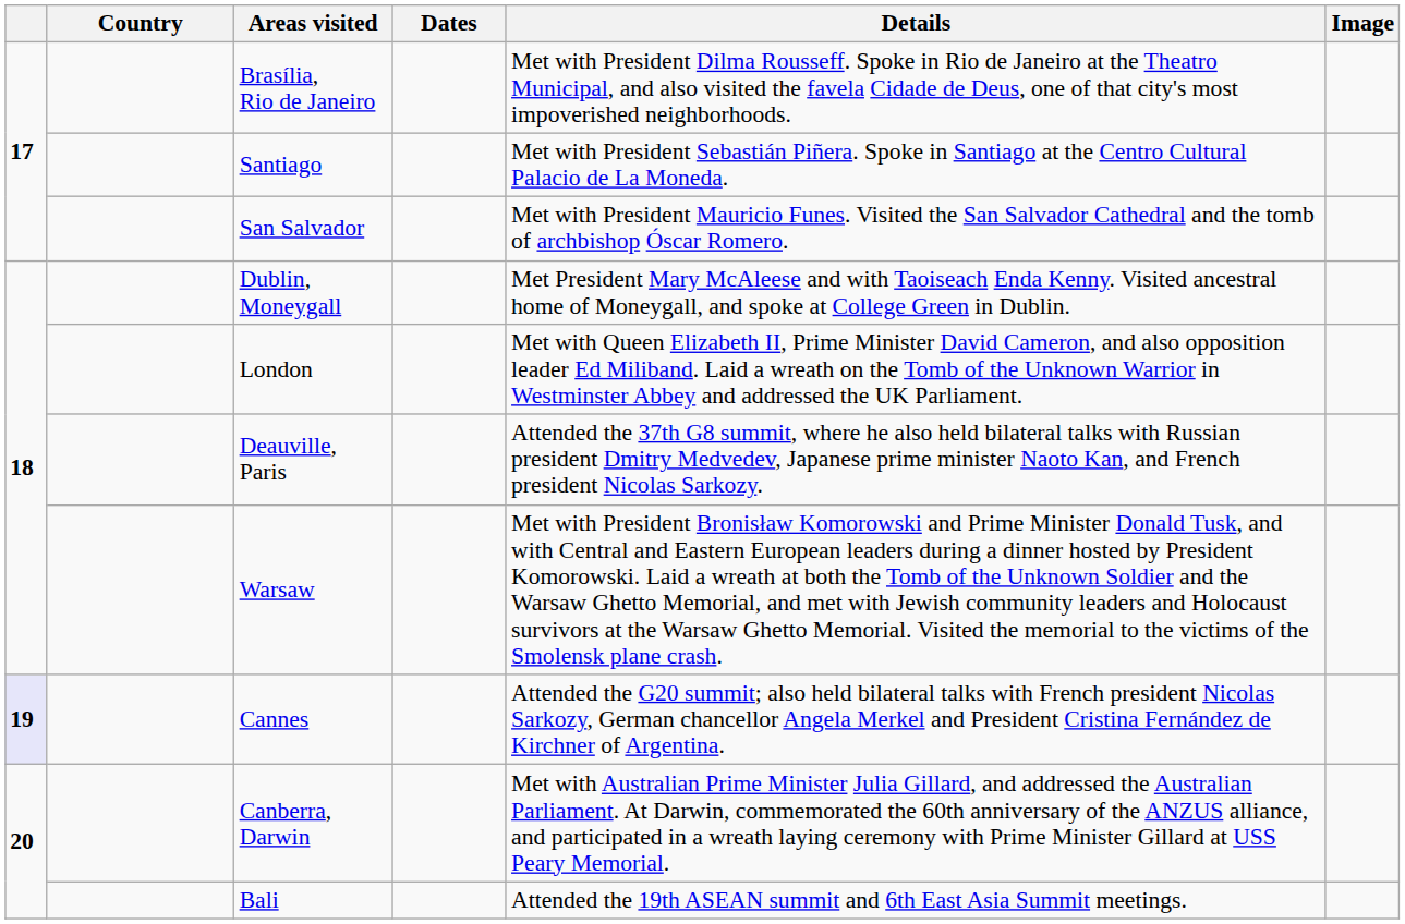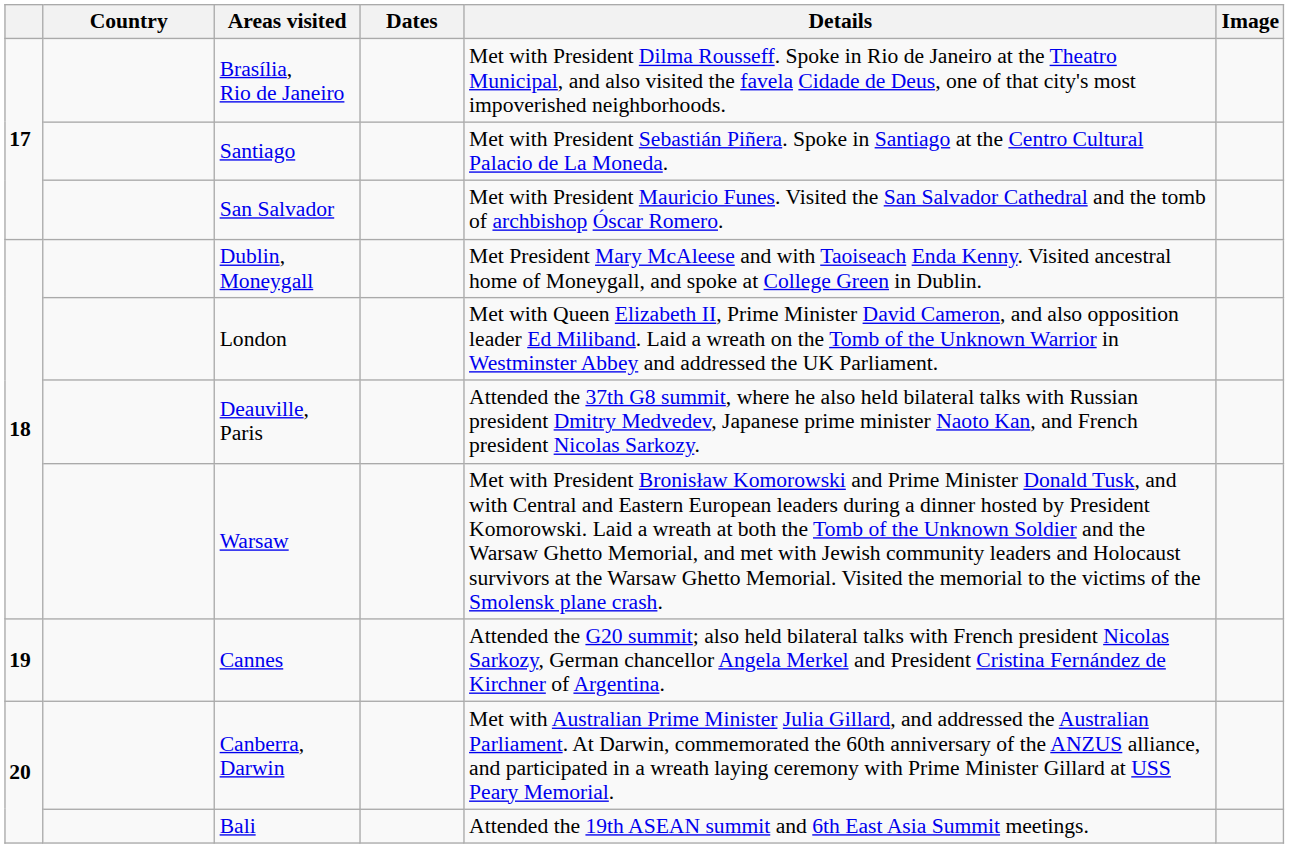 <table class="wikitable sortable" style="margin:1em auto 1em auto;">
 <tr>
 <th style="width: 3%;"></th>
 <th width=120>Country</th>
 <th width=100>Areas visited</th>
 <th width=70>Dates</th>
 <th width=550>Details</th>
 <th>Image</th>
 </tr>
 <tr>
 <td rowspan=3><strong>17</strong></td>
 <td></td>
 <td><a href='#'>Brasília</a>,<br><a href='#'>Rio de Janeiro</a></td>
 <td></td>
 <td>Met with President <a href='#'>Dilma Rousseff</a>. Spoke in Rio de Janeiro at the <a href='#'>Theatro Municipal</a>, and also visited the <a href='#'>favela</a> <a href='#'>Cidade de Deus</a>, one of that city's most impoverished neighborhoods.</td>
 <td></td>
 </tr>
 <tr>
 <td></td>
 <td><a href='#'>Santiago</a></td>
 <td></td>
 <td>Met with President <a href='#'>Sebastián Piñera</a>. Spoke in <a href='#'>Santiago</a> at the <a href='#'>Centro Cultural Palacio de La Moneda</a>.</td>
 <td></td>
 </tr>
 <tr>
 <td></td>
 <td><a href='#'>San Salvador</a></td>
 <td></td>
 <td>Met with President <a href='#'>Mauricio Funes</a>. Visited the <a href='#'>San Salvador Cathedral</a> and the tomb of <a href='#'>archbishop</a> <a href='#'>Óscar Romero</a>.</td>
 <td></td>
 </tr>
 <tr>
 <td rowspan=4><strong>18</strong></td>
 <td></td>
 <td><a href='#'>Dublin</a>,<br><a href='#'>Moneygall</a></td>
 <td></td>
 <td>Met President <a href='#'>Mary McAleese</a> and with <a href='#'>Taoiseach</a> <a href='#'>Enda Kenny</a>. Visited ancestral home of Moneygall, and spoke at <a href='#'>College Green</a> in Dublin.</td>
 <td></td>
 </tr>
 <tr>
 <td></td>
 <td>London</td>
 <td></td>
 <td>Met with Queen <a href='#'>Elizabeth II</a>, Prime Minister <a href='#'>David Cameron</a>, and also opposition leader <a href='#'>Ed Miliband</a>. Laid a wreath on the <a href='#'>Tomb of the Unknown Warrior</a> in <a href='#'>Westminster Abbey</a> and addressed the UK Parliament.</td>
 <td></td>
 </tr>
 <tr>
 <td></td>
 <td><a href='#'>Deauville</a>,<br>Paris</td>
 <td></td>
 <td>Attended the <a href='#'>37th G8 summit</a>, where he also held bilateral talks with Russian president <a href='#'>Dmitry Medvedev</a>, Japanese prime minister <a href='#'>Naoto Kan</a>, and French president <a href='#'>Nicolas Sarkozy</a>.</td>
 <td></td>
 </tr>
 <tr>
 <td></td>
 <td><a href='#'>Warsaw</a></td>
 <td></td>
 <td>Met with President <a href='#'>Bronisław Komorowski</a> and Prime Minister <a href='#'>Donald Tusk</a>, and with Central and Eastern European leaders during a dinner hosted by President Komorowski. Laid a wreath at both the <a href='#'>Tomb of the Unknown Soldier</a> and the Warsaw Ghetto Memorial, and met with Jewish community leaders and Holocaust survivors at the Warsaw Ghetto Memorial. Visited the memorial to the victims of the <a href='#'>Smolensk plane crash</a>.</td>
 <td></td>
 </tr>
 <tr>
-<td style="background: lavender;"><strong>19</strong></td>
+<td><strong>19</strong></td>
 <td></td>
 <td><a href='#'>Cannes</a></td>
 <td></td>
 <td>Attended the <a href='#'>G20 summit</a>; also held bilateral talks with French president <a href='#'>Nicolas Sarkozy</a>, German chancellor <a href='#'>Angela Merkel</a> and President <a href='#'>Cristina Fernández de Kirchner</a> of <a href='#'>Argentina</a>.</td>
 <td></td>
 </tr>
 <tr>
 <td rowspan=2><strong>20</strong></td>
 <td></td>
 <td><a href='#'>Canberra</a>,<br><a href='#'>Darwin</a></td>
 <td></td>
 <td>Met with <a href='#'>Australian Prime Minister</a> <a href='#'>Julia Gillard</a>, and addressed the <a href='#'>Australian Parliament</a>. At Darwin, commemorated the 60th anniversary of the <a href='#'>ANZUS</a> alliance, and participated in a wreath laying ceremony with Prime Minister Gillard at <a href='#'>USS Peary Memorial</a>.</td>
 <td></td>
 </tr>
 <tr>
 <td></td>
 <td><a href='#'>Bali</a></td>
 <td></td>
 <td>Attended the <a href='#'>19th ASEAN summit</a> and <a href='#'>6th East Asia Summit</a> meetings.</td>
 <td></td>
 </tr>
 </table>
